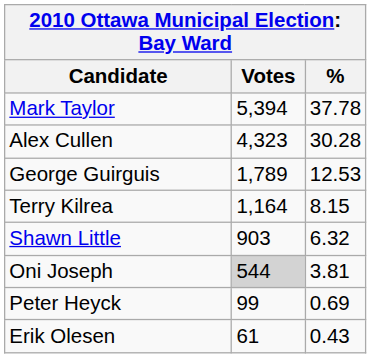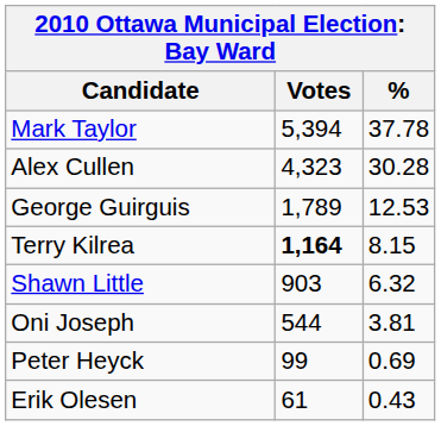 <table class="wikitable">
 <tr>
 <th colspan="3"><a href='#'>2010 Ottawa Municipal Election</a>: <a href='#'>Bay Ward</a></th>
 </tr>
 <tr>
 <th style="width: 170px">Candidate</th>
 <th style="width: 50px">Votes</th>
 <th style="width: 40px">%</th>
 </tr>
 <tr>
 <td><a href='#'>Mark Taylor</a></td>
 <td>5,394</td>
 <td>37.78</td>
 </tr>
 <tr>
 <td>Alex Cullen</td>
 <td>4,323</td>
 <td>30.28</td>
 </tr>
 <tr>
 <td>George Guirguis</td>
 <td>1,789</td>
 <td>12.53</td>
 </tr>
 <tr>
 <td>Terry Kilrea</td>
-<td>1,164</td>
+<td><strong>1,164</strong></td>
 <td>8.15</td>
 </tr>
 <tr>
 <td><a href='#'>Shawn Little</a></td>
 <td>903</td>
 <td>6.32</td>
 </tr>
 <tr>
 <td>Oni Joseph</td>
-<td style="background: lightgrey;">544</td>
+<td>544</td>
 <td>3.81</td>
 </tr>
 <tr>
 <td>Peter Heyck</td>
 <td>99</td>
 <td>0.69</td>
 </tr>
 <tr>
 <td>Erik Olesen</td>
 <td>61</td>
 <td>0.43</td>
 </tr>
 </table>
